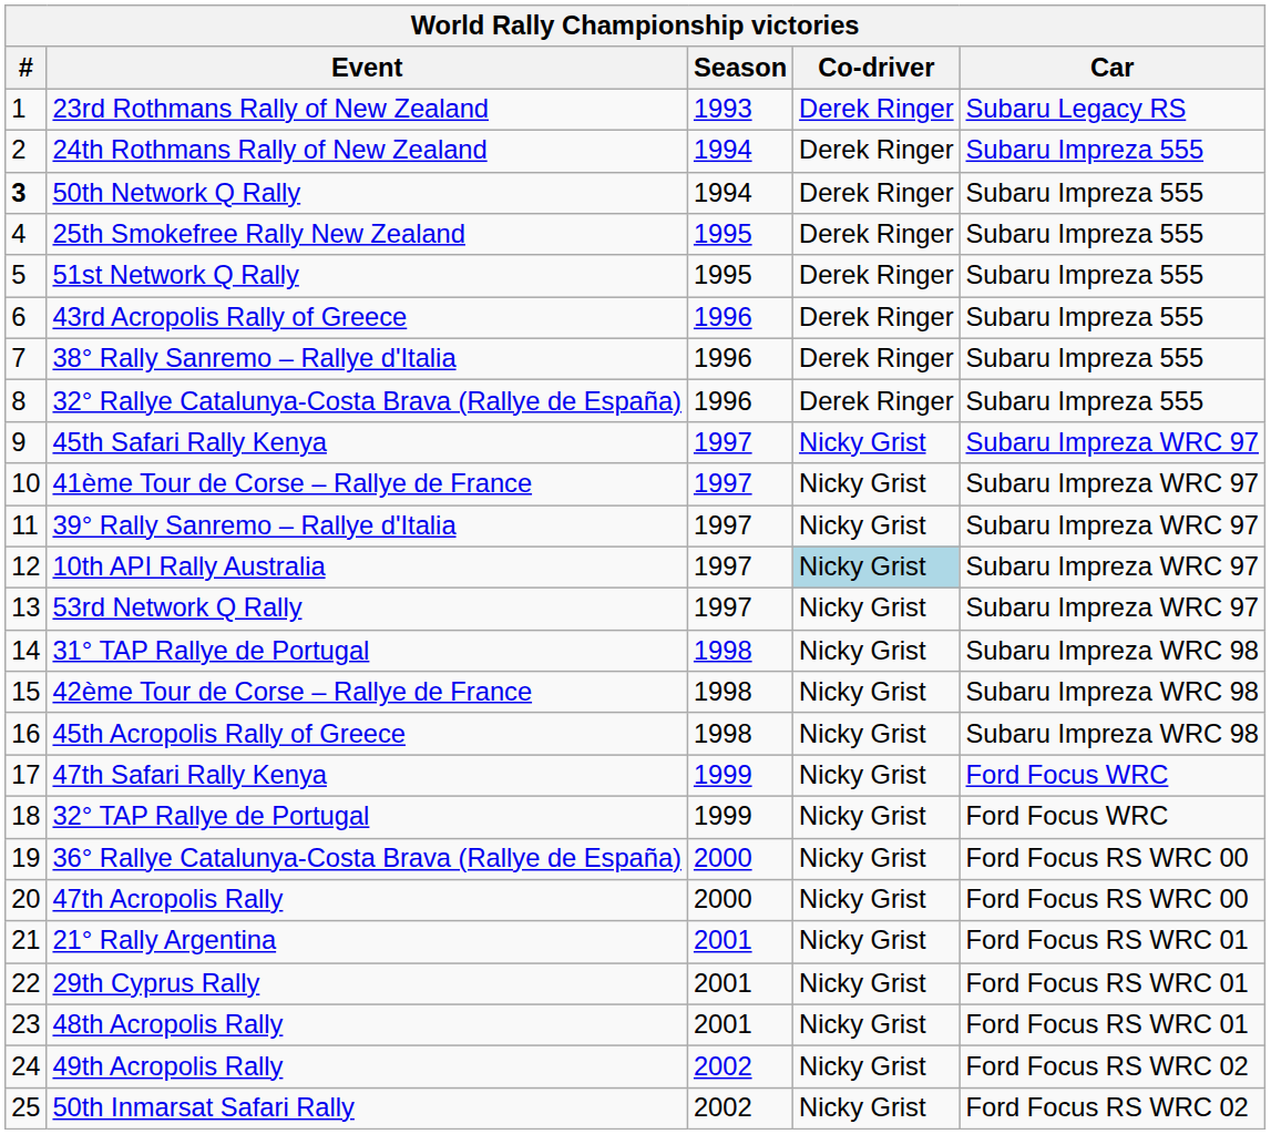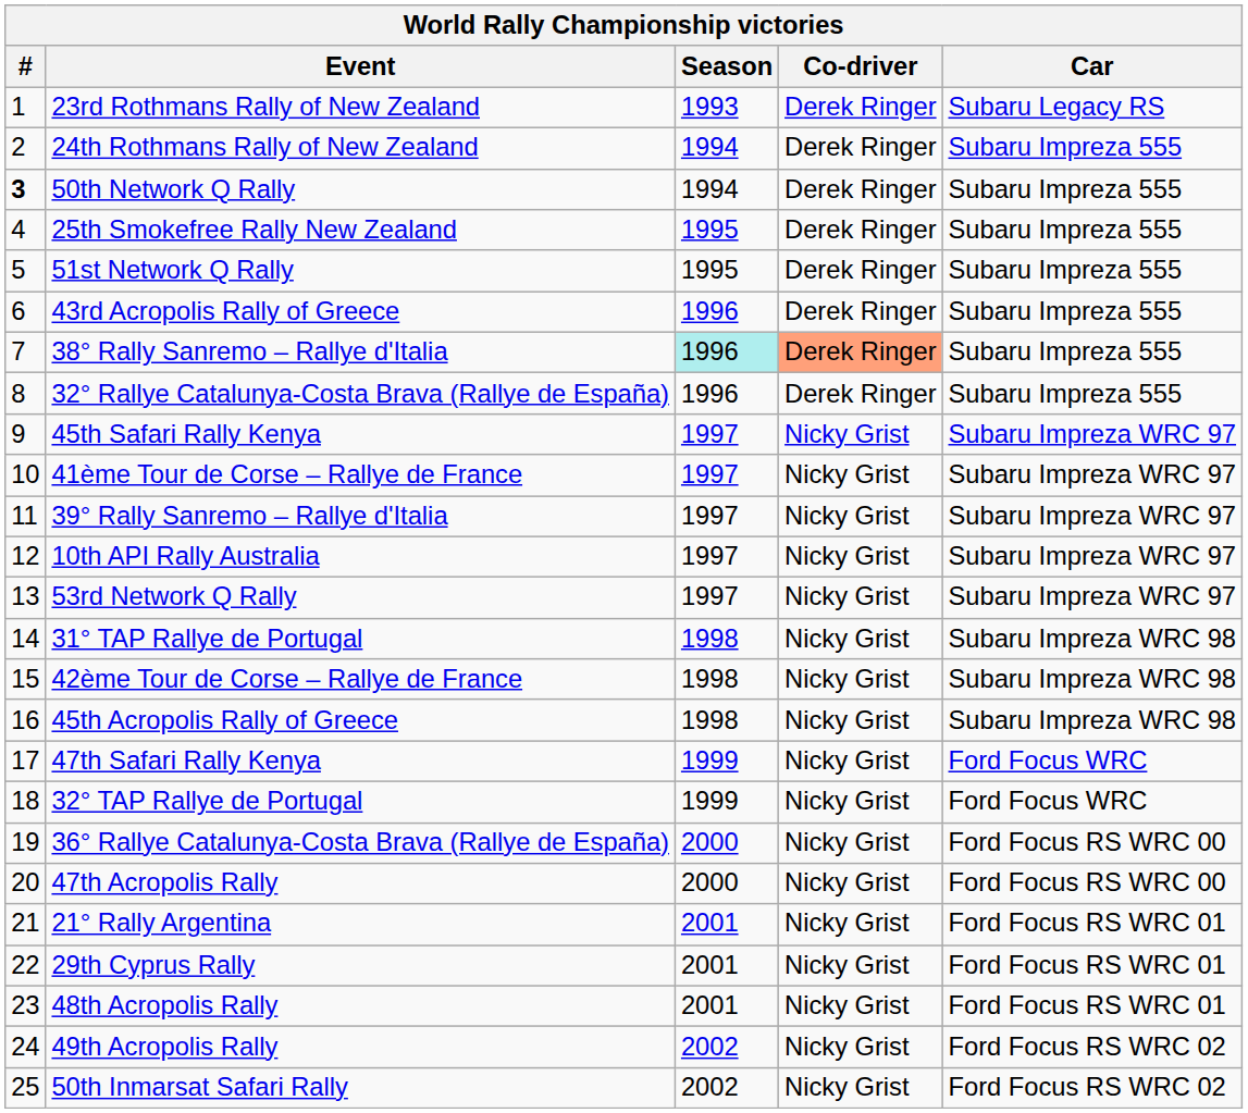 <table class="wikitable collapsible collapsed">
 <tr>
 <th colspan="5">World Rally Championship victories</th>
 </tr>
 <tr>
 <th> # </th>
 <th>Event</th>
 <th>Season</th>
 <th>Co-driver</th>
 <th>Car</th>
 </tr>
 <tr>
 <td>1</td>
 <td> <a href='#'>23rd Rothmans Rally of New Zealand</a></td>
 <td><a href='#'>1993</a></td>
 <td><a href='#'>Derek Ringer</a></td>
 <td><a href='#'>Subaru Legacy RS</a></td>
 </tr>
 <tr>
 <td>2</td>
 <td> <a href='#'>24th Rothmans Rally of New Zealand</a></td>
 <td><a href='#'>1994</a></td>
 <td>Derek Ringer</td>
 <td><a href='#'>Subaru Impreza 555</a></td>
 </tr>
 <tr>
 <td><strong>3</strong></td>
 <td> <a href='#'>50th Network Q Rally</a></td>
 <td>1994</td>
 <td>Derek Ringer</td>
 <td>Subaru Impreza 555</td>
 </tr>
 <tr>
 <td>4</td>
 <td> <a href='#'>25th Smokefree Rally New Zealand</a></td>
 <td><a href='#'>1995</a></td>
 <td>Derek Ringer</td>
 <td>Subaru Impreza 555</td>
 </tr>
 <tr>
 <td>5</td>
 <td> <a href='#'>51st Network Q Rally</a></td>
 <td>1995</td>
 <td>Derek Ringer</td>
 <td>Subaru Impreza 555</td>
 </tr>
 <tr>
 <td>6</td>
 <td> <a href='#'>43rd Acropolis Rally of Greece</a></td>
 <td><a href='#'>1996</a></td>
 <td>Derek Ringer</td>
 <td>Subaru Impreza 555</td>
 </tr>
 <tr>
 <td>7</td>
 <td> <a href='#'>38° Rally Sanremo – Rallye d'Italia</a></td>
-<td>1996</td>
-<td>Derek Ringer</td>
+<td style="background: paleturquoise;">1996</td>
+<td style="background: lightsalmon;">Derek Ringer</td>
 <td>Subaru Impreza 555</td>
 </tr>
 <tr>
 <td>8</td>
 <td> <a href='#'>32° Rallye Catalunya-Costa Brava (Rallye de España)</a></td>
 <td>1996</td>
 <td>Derek Ringer</td>
 <td>Subaru Impreza 555</td>
 </tr>
 <tr>
 <td>9</td>
 <td> <a href='#'>45th Safari Rally Kenya</a></td>
 <td><a href='#'>1997</a></td>
 <td><a href='#'>Nicky Grist</a></td>
 <td><a href='#'>Subaru Impreza WRC 97</a></td>
 </tr>
 <tr>
 <td>10</td>
 <td> <a href='#'>41ème Tour de Corse – Rallye de France</a></td>
 <td><a href='#'>1997</a></td>
 <td>Nicky Grist</td>
 <td>Subaru Impreza WRC 97</td>
 </tr>
 <tr>
 <td>11</td>
 <td> <a href='#'>39° Rally Sanremo – Rallye d'Italia</a></td>
 <td>1997</td>
 <td>Nicky Grist</td>
 <td>Subaru Impreza WRC 97</td>
 </tr>
 <tr>
 <td>12</td>
 <td> <a href='#'>10th API Rally Australia</a></td>
 <td>1997</td>
-<td style="background: lightblue;">Nicky Grist</td>
+<td>Nicky Grist</td>
 <td>Subaru Impreza WRC 97</td>
 </tr>
 <tr>
 <td>13</td>
 <td> <a href='#'>53rd Network Q Rally</a></td>
 <td>1997</td>
 <td>Nicky Grist</td>
 <td>Subaru Impreza WRC 97</td>
 </tr>
 <tr>
 <td>14</td>
 <td> <a href='#'>31° TAP Rallye de Portugal</a></td>
 <td><a href='#'>1998</a></td>
 <td>Nicky Grist</td>
 <td>Subaru Impreza WRC 98</td>
 </tr>
 <tr>
 <td>15</td>
 <td> <a href='#'>42ème Tour de Corse – Rallye de France</a></td>
 <td>1998</td>
 <td>Nicky Grist</td>
 <td>Subaru Impreza WRC 98</td>
 </tr>
 <tr>
 <td>16</td>
 <td> <a href='#'>45th Acropolis Rally of Greece</a></td>
 <td>1998</td>
 <td>Nicky Grist</td>
 <td>Subaru Impreza WRC 98</td>
 </tr>
 <tr>
 <td>17</td>
 <td> <a href='#'>47th Safari Rally Kenya</a></td>
 <td><a href='#'>1999</a></td>
 <td>Nicky Grist</td>
 <td><a href='#'>Ford Focus WRC</a></td>
 </tr>
 <tr>
 <td>18</td>
 <td> <a href='#'>32° TAP Rallye de Portugal</a></td>
 <td>1999</td>
 <td>Nicky Grist</td>
 <td>Ford Focus WRC</td>
 </tr>
 <tr>
 <td>19</td>
 <td> <a href='#'>36° Rallye Catalunya-Costa Brava (Rallye de España)</a></td>
 <td><a href='#'>2000</a></td>
 <td>Nicky Grist</td>
 <td>Ford Focus RS WRC 00</td>
 </tr>
 <tr>
 <td>20</td>
 <td> <a href='#'>47th Acropolis Rally</a></td>
 <td>2000</td>
 <td>Nicky Grist</td>
 <td>Ford Focus RS WRC 00</td>
 </tr>
 <tr>
 <td>21</td>
 <td> <a href='#'>21° Rally Argentina</a></td>
 <td><a href='#'>2001</a></td>
 <td>Nicky Grist</td>
 <td>Ford Focus RS WRC 01</td>
 </tr>
 <tr>
 <td>22</td>
 <td> <a href='#'>29th Cyprus Rally</a></td>
 <td>2001</td>
 <td>Nicky Grist</td>
 <td>Ford Focus RS WRC 01</td>
 </tr>
 <tr>
 <td>23</td>
 <td> <a href='#'>48th Acropolis Rally</a></td>
 <td>2001</td>
 <td>Nicky Grist</td>
 <td>Ford Focus RS WRC 01</td>
 </tr>
 <tr>
 <td>24</td>
 <td> <a href='#'>49th Acropolis Rally</a></td>
 <td><a href='#'>2002</a></td>
 <td>Nicky Grist</td>
 <td>Ford Focus RS WRC 02</td>
 </tr>
 <tr>
 <td>25</td>
 <td> <a href='#'>50th Inmarsat Safari Rally</a></td>
 <td>2002</td>
 <td>Nicky Grist</td>
 <td>Ford Focus RS WRC 02</td>
 </tr>
 </table>
